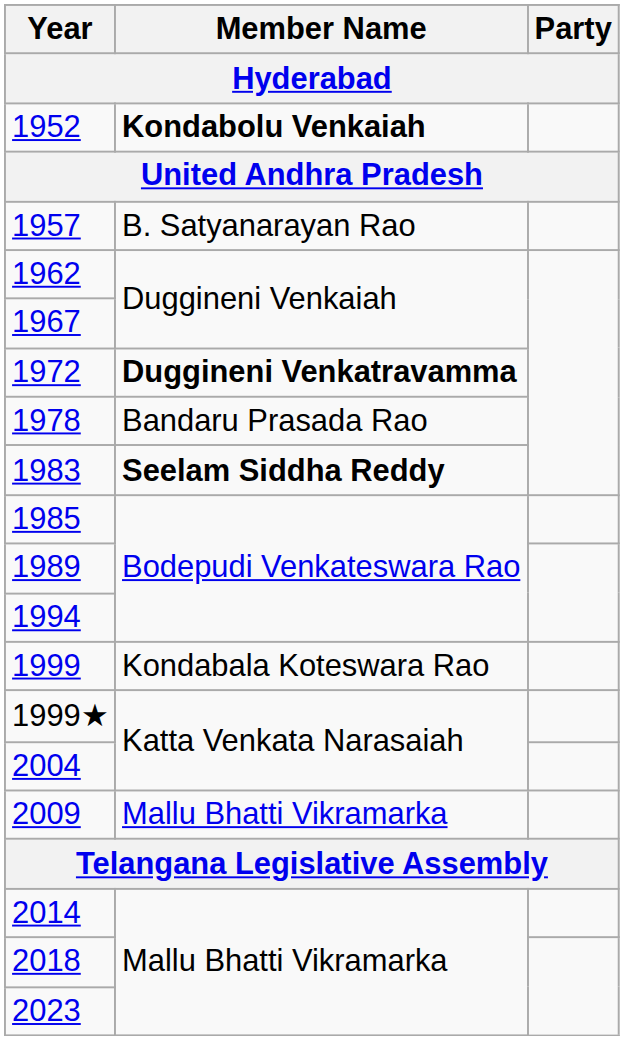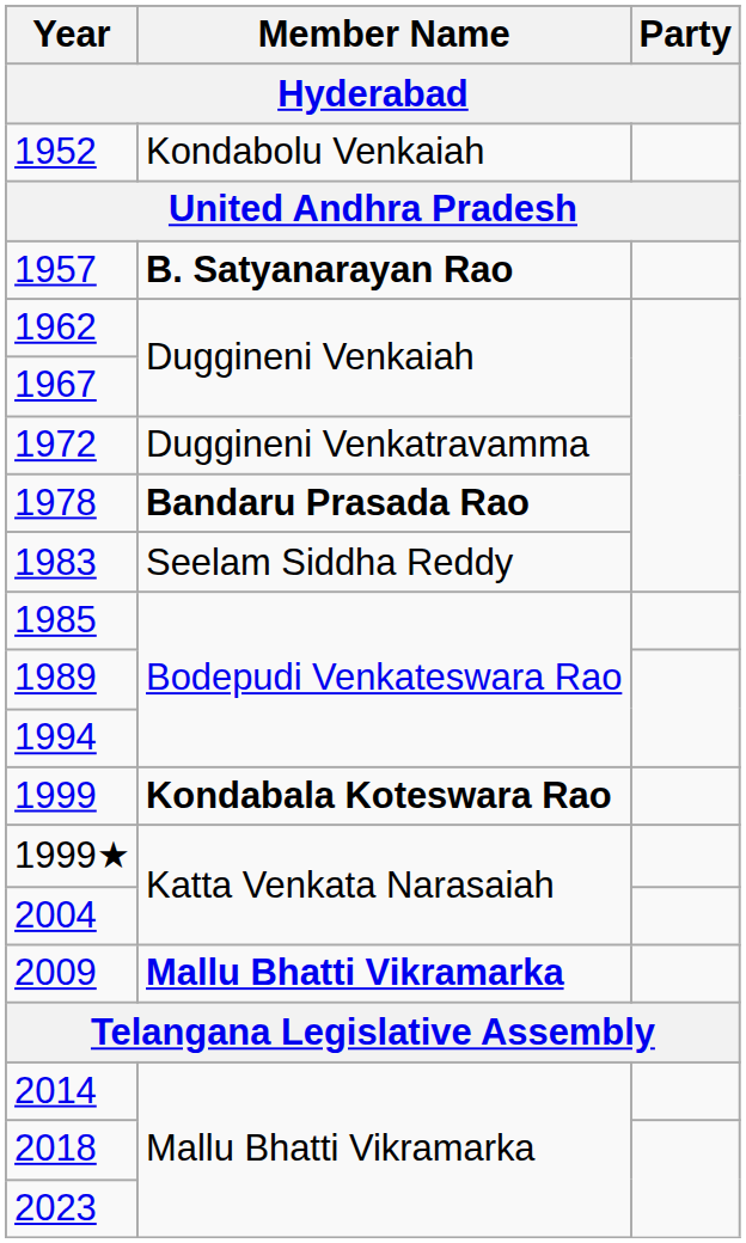 <table class="wikitable">
 <tr>
 <th>Year</th>
 <th>Member Name</th>
 <th colspan=2>Party</th>
 </tr>
 <tr>
 <th colspan=4><a href='#'>Hyderabad</a></th>
 </tr>
 <tr>
 <td><a href='#'>1952</a></td>
-<td><strong>Kondabolu Venkaiah</strong></td>
+<td>Kondabolu Venkaiah</td>
 <td></td>
 </tr>
 <tr>
 <th colspan=4><a href='#'>United Andhra Pradesh</a></th>
 </tr>
 <tr>
 <td><a href='#'>1957</a></td>
-<td>B. Satyanarayan Rao</td>
+<td><strong>B. Satyanarayan Rao</strong></td>
 <td></td>
 </tr>
 <tr>
 <td><a href='#'>1962</a></td>
 <td rowspan=2>Duggineni Venkaiah</td>
 </tr>
 <tr>
 <td><a href='#'>1967</a></td>
 </tr>
 <tr>
 <td><a href='#'>1972</a></td>
-<td><strong>Duggineni Venkatravamma</strong></td>
+<td>Duggineni Venkatravamma</td>
 </tr>
 <tr>
 <td><a href='#'>1978</a></td>
-<td>Bandaru Prasada Rao</td>
+<td><strong>Bandaru Prasada Rao</strong></td>
 </tr>
 <tr>
 <td><a href='#'>1983</a></td>
-<td><strong>Seelam Siddha Reddy</strong></td>
+<td>Seelam Siddha Reddy</td>
 </tr>
 <tr>
 <td><a href='#'>1985</a></td>
 <td rowspan=3><a href='#'>Bodepudi Venkateswara Rao</a></td>
 <td></td>
 </tr>
 <tr>
 <td><a href='#'>1989</a></td>
 </tr>
 <tr>
 <td><a href='#'>1994</a></td>
 </tr>
 <tr>
 <td><a href='#'>1999</a></td>
-<td>Kondabala Koteswara Rao</td>
+<td><strong>Kondabala Koteswara Rao</strong></td>
 <td></td>
 </tr>
 <tr>
 <td>1999★</td>
 <td rowspan=2>Katta Venkata Narasaiah</td>
 <td></td>
 </tr>
 <tr>
 <td><a href='#'>2004</a></td>
 </tr>
 <tr>
 <td><a href='#'>2009</a></td>
-<td><a href='#'>Mallu Bhatti Vikramarka</a></td>
+<td><strong><a href='#'>Mallu Bhatti Vikramarka</a></strong></td>
 <td></td>
 </tr>
 <tr>
 <th colspan=4><a href='#'>Telangana Legislative Assembly</a></th>
 </tr>
 <tr>
 <td><a href='#'>2014</a></td>
 <td rowspan=3>Mallu Bhatti Vikramarka</td>
 <td></td>
 </tr>
 <tr>
 <td><a href='#'>2018</a></td>
 </tr>
 <tr>
 <td><a href='#'>2023</a></td>
 </tr>
 <tr>
 </tr>
 </table>
